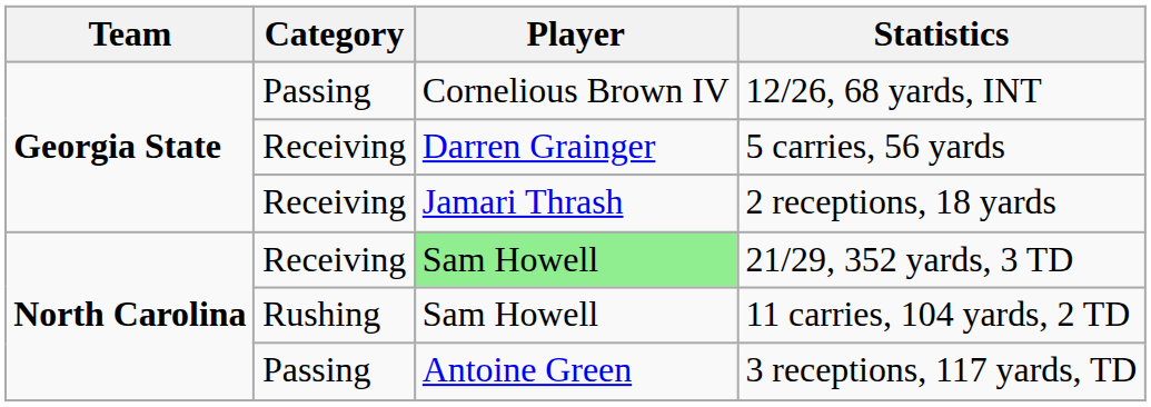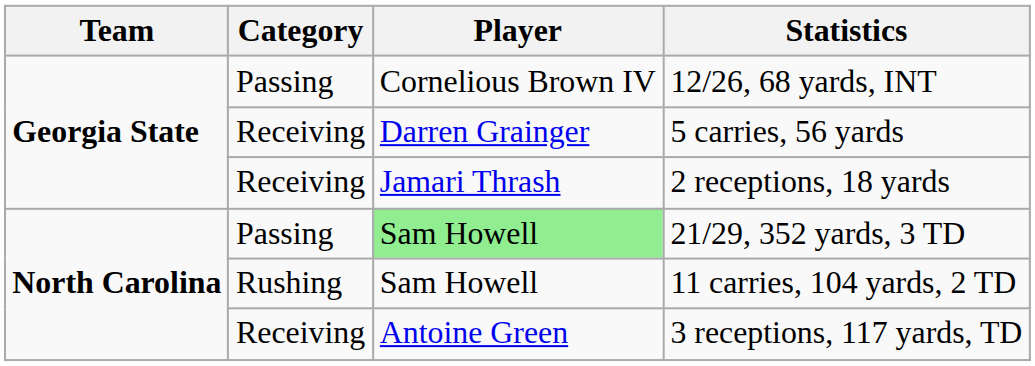 <table class="wikitable" style="float: left;">
 <tr>
 <th>Team</th>
 <th>Category</th>
 <th>Player</th>
 <th>Statistics</th>
 </tr>
 <tr>
 <td rowspan=3><strong>Georgia State</strong></td>
 <td>Passing</td>
 <td>Cornelious Brown IV</td>
 <td>12/26, 68 yards, INT</td>
 </tr>
 <tr>
 <td>Receiving</td>
 <td><a href='#'>Darren Grainger</a></td>
 <td>5 carries, 56 yards</td>
 </tr>
 <tr>
 <td>Receiving</td>
 <td><a href='#'>Jamari Thrash</a></td>
 <td>2 receptions, 18 yards</td>
 </tr>
 <tr>
 <td rowspan=3><strong>North Carolina</strong></td>
-<td>Receiving</td>
+<td>Passing</td>
 <td style="background: lightgreen;">Sam Howell</td>
 <td>21/29, 352 yards, 3 TD</td>
 </tr>
 <tr>
 <td>Rushing</td>
 <td>Sam Howell</td>
 <td>11 carries, 104 yards, 2 TD</td>
 </tr>
 <tr>
-<td>Passing</td>
+<td>Receiving</td>
 <td><a href='#'>Antoine Green</a></td>
 <td>3 receptions, 117 yards, TD</td>
 </tr>
 </table>
